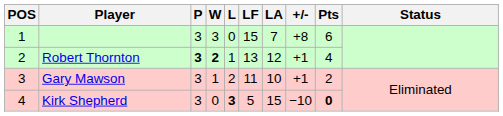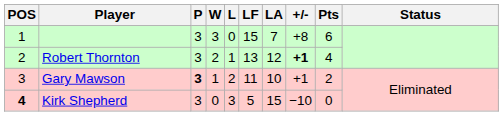 <table class="wikitable" style="text-align:center; margin: 1em auto 1em auto, align:left">
 <tr>
 <th width=20>POS</th>
 <th width=173>Player</th>
 <th width=3>P</th>
 <th width=3>W</th>
 <th width=3>L</th>
 <th width=20>LF</th>
 <th width=20>LA</th>
 <th width=20>+/-</th>
 <th width=20>Pts</th>
 <th width=179>Status</th>
 </tr>
 <tr style="background:#CCFFCC;">
 <td>1</td>
 <td style="text-align:left;"></td>
 <td>3</td>
 <td>3</td>
 <td>0</td>
 <td>15</td>
 <td>7</td>
 <td>+8</td>
 <td>6</td>
 <td rowspan=2></td>
 </tr>
 <tr style="background:#CCFFCC;">
 <td>2</td>
 <td style="text-align:left;"> <a href='#'>Robert Thornton</a></td>
-<td><strong>3</strong></td>
-<td><strong>2</strong></td>
+<td>3</td>
+<td>2</td>
 <td>1</td>
 <td>13</td>
 <td>12</td>
-<td>+1</td>
+<td><strong>+1</strong></td>
 <td>4</td>
 </tr>
 <tr style="background:#FFCCCC;">
 <td>3</td>
 <td style="text-align:left;"> <a href='#'>Gary Mawson</a></td>
-<td>3</td>
+<td><strong>3</strong></td>
 <td>1</td>
 <td>2</td>
 <td>11</td>
 <td>10</td>
 <td>+1</td>
 <td>2</td>
 <td rowspan=2>Eliminated</td>
 </tr>
 <tr style="background:#FFCCCC;">
-<td>4</td>
+<td><strong>4</strong></td>
 <td style="text-align:left;"> <a href='#'>Kirk Shepherd</a></td>
 <td>3</td>
 <td>0</td>
-<td><strong>3</strong></td>
+<td>3</td>
 <td>5</td>
 <td>15</td>
 <td>−10</td>
-<td><strong>0</strong></td>
+<td>0</td>
 </tr>
 </table>
